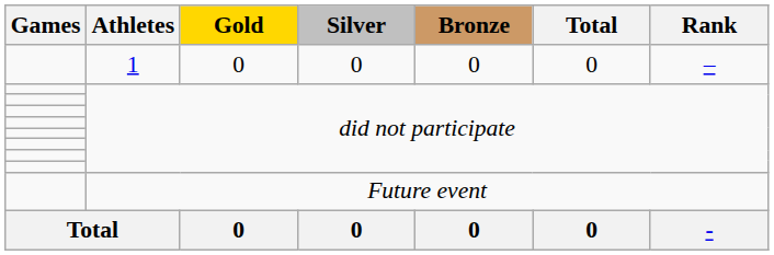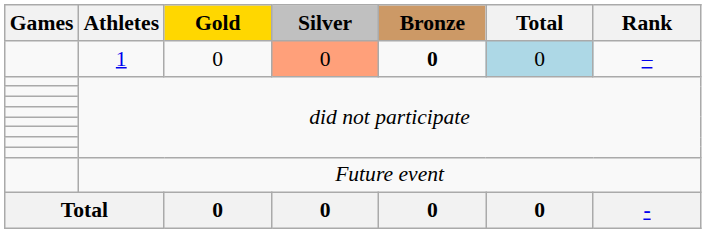 <table class="wikitable" style="text-align:center; font-size:90%;">
 <tr>
 <th>Games</th>
 <th>Athletes</th>
 <td style="background:gold; width:4.5em; font-weight:bold;">Gold</td>
 <td style="background:silver; width:4.5em; font-weight:bold;">Silver</td>
 <td style="background:#cc9966; width:4.5em; font-weight:bold;">Bronze</td>
 <th style="width:4.5em; font-weight:bold;">Total</th>
 <th style="width:4.5em; font-weight:bold;">Rank</th>
 </tr>
 <tr>
 <td align=left></td>
 <td><a href='#'>1</a></td>
 <td>0</td>
-<td>0</td>
-<td>0</td>
-<td>0</td>
+<td style="background: lightsalmon;">0</td>
+<td><strong>0</strong></td>
+<td style="background: lightblue;">0</td>
 <td><a href='#'>–</a></td>
 </tr>
 <tr>
 <td align=left></td>
 <td colspan=6; rowspan=8><em>did not participate</em></td>
 </tr>
 <tr>
 <td align=left></td>
 </tr>
 <tr>
 <td align=left></td>
 </tr>
 <tr>
 <td align=left></td>
 </tr>
 <tr>
 <td align=left></td>
 </tr>
 <tr>
 <td align=left></td>
 </tr>
 <tr>
 <td align=left></td>
 </tr>
 <tr>
 <td align=left></td>
 </tr>
 <tr>
 <td align=left></td>
 <td colspan=6><em>Future event</em></td>
 </tr>
 <tr>
 <th colspan=2>Total</th>
 <th>0</th>
 <th>0</th>
 <th>0</th>
 <th>0</th>
 <th><a href='#'>-</a></th>
 </tr>
 </table>
